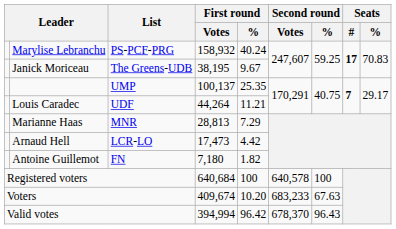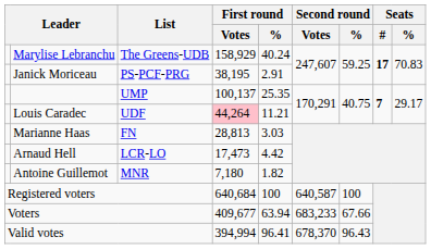 <table class="wikitable">
 <tr>
 <th colspan="2" rowspan="2">Leader</th>
 <th rowspan="2">List</th>
 <th colspan="2">First round</th>
 <th colspan="2">Second round</th>
 <th colspan="2">Seats</th>
 </tr>
 <tr>
 <th>Votes</th>
 <th>%</th>
 <th>Votes</th>
 <th>%</th>
 <th>#</th>
 <th>%</th>
 </tr>
 <tr>
 <td style="background:"></td>
 <td><a href='#'>Marylise Lebranchu</a></td>
-<td><a href='#'>PS</a>-<a href='#'>PCF</a>-<a href='#'>PRG</a></td>
-<td>158,932</td>
+<td><a href='#'>The Greens</a>-<a href='#'>UDB</a></td>
+<td>158,929</td>
 <td>40.24</td>
 <td rowspan="2">247,607</td>
 <td rowspan="2">59.25</td>
 <td rowspan="2"><strong>17</strong></td>
 <td rowspan="2">70.83</td>
 </tr>
 <tr>
 <td style="background:"></td>
 <td>Janick Moriceau</td>
-<td><a href='#'>The Greens</a>-<a href='#'>UDB</a></td>
+<td><a href='#'>PS</a>-<a href='#'>PCF</a>-<a href='#'>PRG</a></td>
 <td>38,195</td>
-<td>9.67</td>
+<td>2.91</td>
 </tr>
 <tr>
 <td style="background:"></td>
 <td></td>
 <td><a href='#'>UMP</a></td>
 <td>100,137</td>
 <td>25.35</td>
 <td rowspan="2">170,291</td>
 <td rowspan="2">40.75</td>
 <td rowspan="2"><strong>7</strong></td>
 <td rowspan="2">29.17</td>
 </tr>
 <tr>
 <td style="background:"></td>
 <td>Louis Caradec</td>
 <td><a href='#'>UDF</a></td>
-<td>44,264</td>
+<td style="background: pink;">44,264</td>
 <td>11.21</td>
 </tr>
 <tr>
 <td style="background:"></td>
 <td>Marianne Haas</td>
-<td><a href='#'>MNR</a></td>
+<td><a href='#'>FN</a></td>
 <td>28,813</td>
-<td>7.29</td>
+<td>3.03</td>
 <th colspan="4" rowspan="3"></th>
 </tr>
 <tr>
 <td style="background:"></td>
 <td>Arnaud Hell</td>
 <td><a href='#'>LCR</a>-<a href='#'>LO</a></td>
 <td>17,473</td>
 <td>4.42</td>
 </tr>
 <tr>
 <td style="background:"></td>
 <td>Antoine Guillemot</td>
-<td><a href='#'>FN</a></td>
+<td><a href='#'>MNR</a></td>
 <td>7,180</td>
 <td>1.82</td>
 </tr>
 <tr>
 <td colspan="3">Registered voters</td>
 <td>640,684</td>
 <td>100</td>
-<td>640,578</td>
+<td>640,587</td>
 <td>100</td>
 <th colspan="2" rowspan="3"></th>
 </tr>
 <tr>
 <td colspan="3">Voters</td>
-<td>409,674</td>
-<td>10.20</td>
+<td>409,677</td>
+<td>63.94</td>
 <td>683,233</td>
-<td>67.63</td>
+<td>67.66</td>
 </tr>
 <tr>
 <td colspan="3">Valid votes</td>
 <td>394,994</td>
-<td>96.42</td>
+<td>96.41</td>
 <td>678,370</td>
 <td>96.43</td>
 </tr>
 </table>
